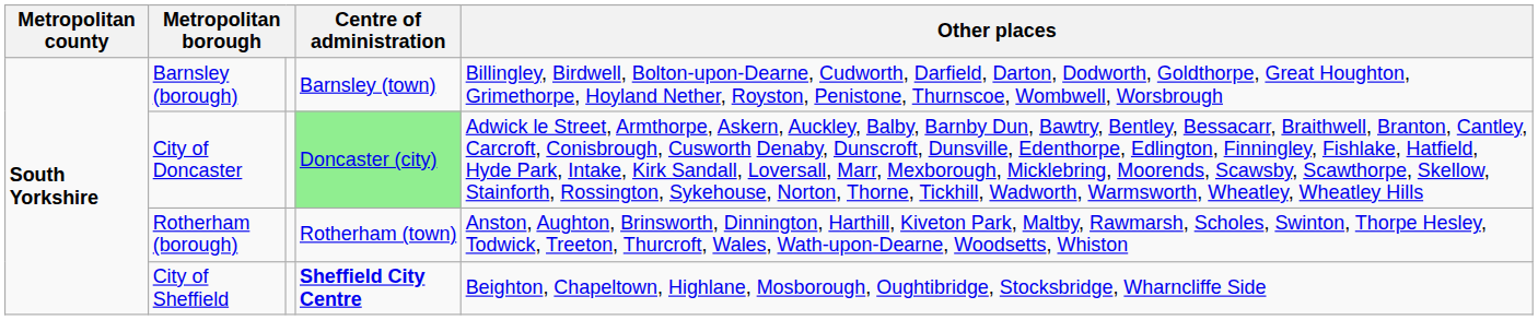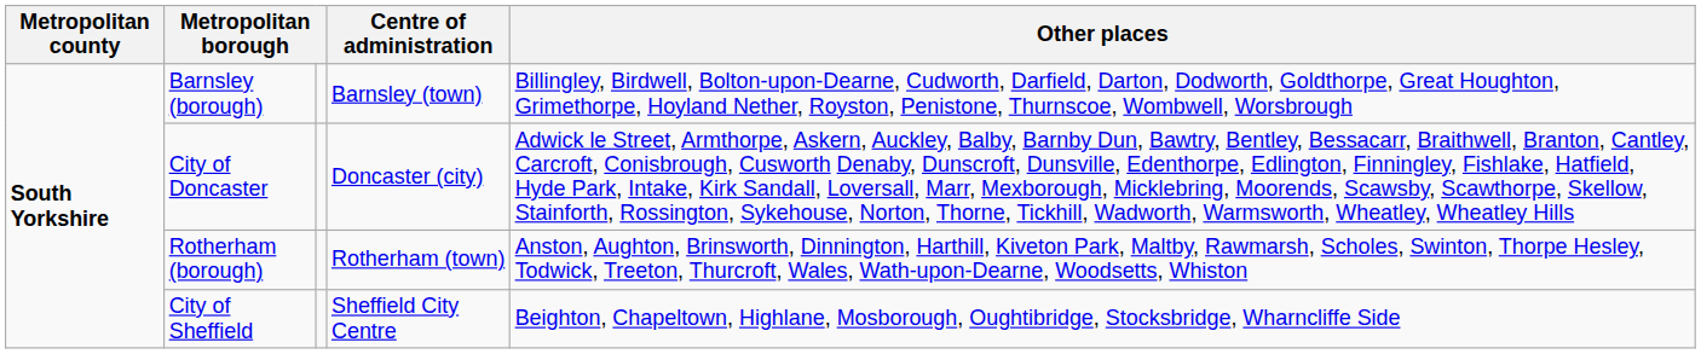 <table class="wikitable">
 <tr>
 <th>Metropolitan county</th>
 <th colspan="2">Metropolitan borough</th>
 <th>Centre of administration</th>
 <th>Other places</th>
 </tr>
 <tr>
 <td rowspan=4><strong>South Yorkshire</strong></td>
 <td><a href='#'>Barnsley (borough)</a></td>
 <td></td>
 <td><a href='#'>Barnsley (town)</a></td>
 <td><a href='#'>Billingley</a>, <a href='#'>Birdwell</a>, <a href='#'>Bolton-upon-Dearne</a>, <a href='#'>Cudworth</a>, <a href='#'>Darfield</a>, <a href='#'>Darton</a>, <a href='#'>Dodworth</a>, <a href='#'>Goldthorpe</a>, <a href='#'>Great Houghton</a>, <a href='#'>Grimethorpe</a>, <a href='#'>Hoyland Nether</a>, <a href='#'>Royston</a>, <a href='#'>Penistone</a>, <a href='#'>Thurnscoe</a>, <a href='#'>Wombwell</a>, <a href='#'>Worsbrough</a></td>
 </tr>
 <tr>
 <td><a href='#'>City of Doncaster</a></td>
 <td></td>
-<td style="background: lightgreen;"><a href='#'>Doncaster (city)</a></td>
+<td><a href='#'>Doncaster (city)</a></td>
 <td><a href='#'>Adwick le Street</a>, <a href='#'>Armthorpe</a>, <a href='#'>Askern</a>, <a href='#'>Auckley</a>, <a href='#'>Balby</a>, <a href='#'>Barnby Dun</a>, <a href='#'>Bawtry</a>, <a href='#'>Bentley</a>, <a href='#'>Bessacarr</a>, <a href='#'>Braithwell</a>, <a href='#'>Branton</a>, <a href='#'>Cantley</a>, <a href='#'>Carcroft</a>, <a href='#'>Conisbrough</a>, <a href='#'>Cusworth</a> <a href='#'>Denaby</a>, <a href='#'>Dunscroft</a>, <a href='#'>Dunsville</a>, <a href='#'>Edenthorpe</a>, <a href='#'>Edlington</a>, <a href='#'>Finningley</a>, <a href='#'>Fishlake</a>, <a href='#'>Hatfield</a>, <a href='#'>Hyde Park</a>, <a href='#'>Intake</a>, <a href='#'>Kirk Sandall</a>, <a href='#'>Loversall</a>, <a href='#'>Marr</a>, <a href='#'>Mexborough</a>, <a href='#'>Micklebring</a>, <a href='#'>Moorends</a>, <a href='#'>Scawsby</a>, <a href='#'>Scawthorpe</a>, <a href='#'>Skellow</a>, <a href='#'>Stainforth</a>, <a href='#'>Rossington</a>, <a href='#'>Sykehouse</a>, <a href='#'>Norton</a>, <a href='#'>Thorne</a>, <a href='#'>Tickhill</a>, <a href='#'>Wadworth</a>, <a href='#'>Warmsworth</a>, <a href='#'>Wheatley</a>, <a href='#'>Wheatley Hills</a></td>
 </tr>
 <tr>
 <td><a href='#'>Rotherham (borough)</a></td>
 <td></td>
 <td><a href='#'>Rotherham (town)</a></td>
 <td><a href='#'>Anston</a>, <a href='#'>Aughton</a>, <a href='#'>Brinsworth</a>, <a href='#'>Dinnington</a>, <a href='#'>Harthill</a>, <a href='#'>Kiveton Park</a>, <a href='#'>Maltby</a>, <a href='#'>Rawmarsh</a>, <a href='#'>Scholes</a>, <a href='#'>Swinton</a>, <a href='#'>Thorpe Hesley</a>, <a href='#'>Todwick</a>, <a href='#'>Treeton</a>, <a href='#'>Thurcroft</a>, <a href='#'>Wales</a>, <a href='#'>Wath-upon-Dearne</a>, <a href='#'>Woodsetts</a>, <a href='#'>Whiston</a></td>
 </tr>
 <tr>
 <td><a href='#'>City of Sheffield</a></td>
 <td></td>
-<td><strong><a href='#'>Sheffield City Centre</a></strong></td>
+<td><a href='#'>Sheffield City Centre</a></td>
 <td><a href='#'>Beighton</a>, <a href='#'>Chapeltown</a>, <a href='#'>Highlane</a>, <a href='#'>Mosborough</a>, <a href='#'>Oughtibridge</a>, <a href='#'>Stocksbridge</a>, <a href='#'>Wharncliffe Side</a></td>
 </tr>
 </table>
